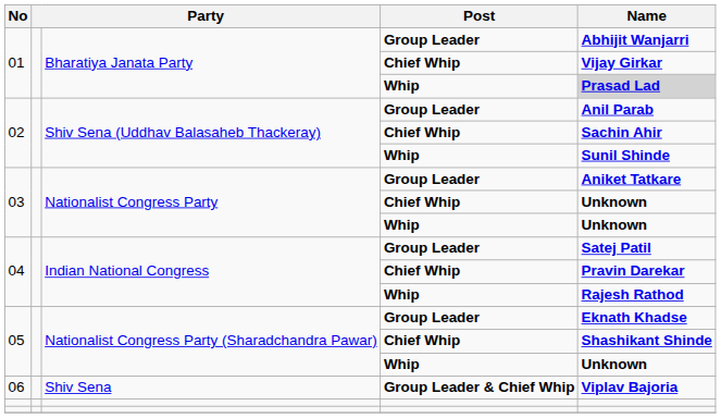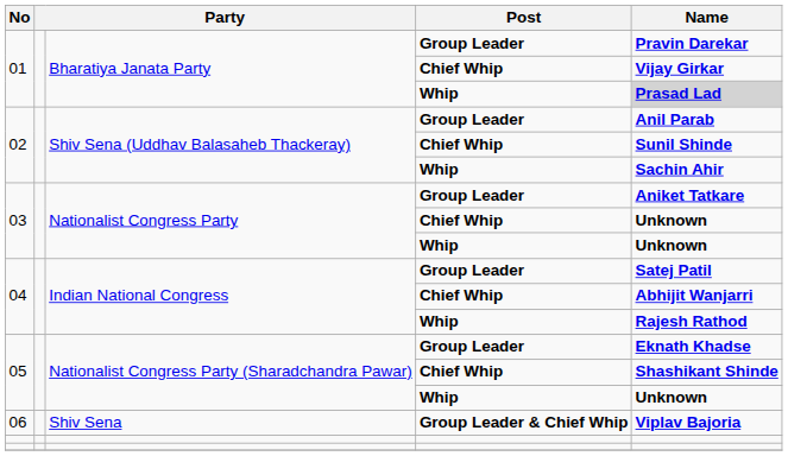 <table class="wikitable">
 <tr>
 <th>No</th>
 <th colspan="2">Party</th>
 <th>Post</th>
 <th>Name</th>
 </tr>
 <tr>
 <td rowspan="3">01</td>
 <td rowspan="3" width="4px"></td>
 <td rowspan="3"><a href='#'>Bharatiya Janata Party</a></td>
 <td><strong>Group Leader</strong></td>
-<td><strong><a href='#'>Abhijit Wanjarri</a></strong></td>
+<td><strong><a href='#'>Pravin Darekar</a></strong></td>
 </tr>
 <tr>
 <td><strong>Chief Whip</strong></td>
 <td><strong><a href='#'>Vijay Girkar</a></strong></td>
 </tr>
 <tr>
 <td><strong>Whip</strong></td>
 <td style="background: lightgrey;"><strong><a href='#'>Prasad Lad</a></strong></td>
 </tr>
 <tr>
 <td rowspan="3">02</td>
 <td rowspan="3" width="4px"></td>
 <td rowspan="3"><a href='#'>Shiv Sena (Uddhav Balasaheb Thackeray)</a></td>
 <td><strong>Group Leader</strong></td>
 <td><strong><a href='#'>Anil Parab</a></strong></td>
 </tr>
 <tr>
 <td><strong>Chief Whip</strong></td>
-<td><strong><a href='#'>Sachin Ahir</a></strong></td>
+<td><strong><a href='#'>Sunil Shinde</a></strong></td>
 </tr>
 <tr>
 <td><strong>Whip</strong></td>
-<td><strong><a href='#'>Sunil Shinde</a></strong></td>
+<td><strong><a href='#'>Sachin Ahir</a></strong></td>
 </tr>
 <tr>
 <td rowspan="3">03</td>
 <td rowspan="3" width="4px"></td>
 <td rowspan="3"><a href='#'>Nationalist Congress Party</a></td>
 <td><strong>Group Leader</strong></td>
 <td><strong><a href='#'>Aniket Tatkare</a></strong></td>
 </tr>
 <tr>
 <td><strong>Chief Whip</strong></td>
 <td><strong>Unknown</strong></td>
 </tr>
 <tr>
 <td><strong>Whip</strong></td>
 <td><strong>Unknown</strong></td>
 </tr>
 <tr>
 <td rowspan="3">04</td>
 <td rowspan="3" width="4px"></td>
 <td rowspan="3"><a href='#'>Indian National Congress</a></td>
 <td><strong>Group Leader</strong></td>
 <td><strong><a href='#'>Satej Patil</a></strong></td>
 </tr>
 <tr>
 <td><strong>Chief Whip</strong></td>
-<td><strong><a href='#'>Pravin Darekar</a></strong></td>
+<td><strong><a href='#'>Abhijit Wanjarri</a></strong></td>
 </tr>
 <tr>
 <td><strong>Whip</strong></td>
 <td><strong><a href='#'>Rajesh Rathod</a></strong></td>
 </tr>
 <tr>
 <td rowspan="3">05</td>
 <td rowspan="3" width="4px"></td>
 <td rowspan="3"><a href='#'>Nationalist Congress Party (Sharadchandra Pawar)</a></td>
 <td><strong>Group Leader</strong></td>
 <td><strong><a href='#'>Eknath Khadse</a></strong></td>
 </tr>
 <tr>
 <td><strong>Chief Whip</strong></td>
 <td><strong><a href='#'>Shashikant Shinde</a></strong></td>
 </tr>
 <tr>
 <td><strong>Whip</strong></td>
 <td><strong>Unknown</strong></td>
 </tr>
 <tr |->
 <td>06</td>
 <td width="4px"></td>
 <td><a href='#'>Shiv Sena</a></td>
 <td><strong>Group Leader & Chief Whip</strong></td>
 <td><strong><a href='#'>Viplav Bajoria</a></strong></td>
 </tr>
 <tr>
 <td></td>
 <td width="4px"></td>
 <td></td>
 <td></td>
 <td></td>
 </tr>
 <tr>
 <td></td>
 <td width="4px"></td>
 <td></td>
 <td></td>
 <td></td>
 </tr>
 <tr>
 </tr>
 </table>
